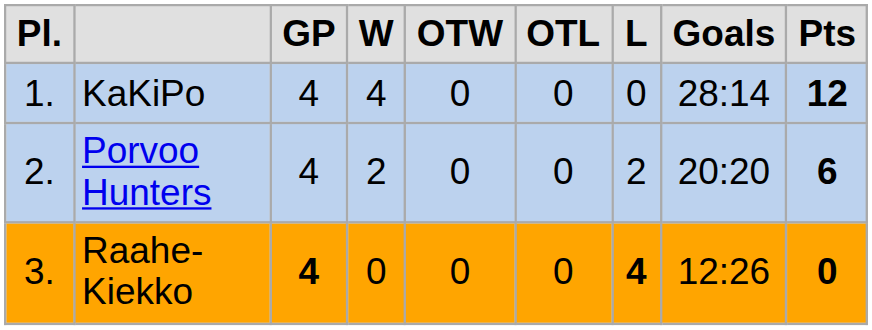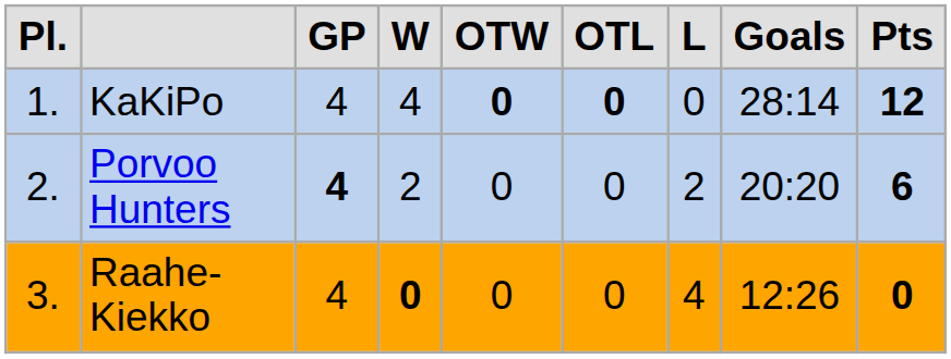 <table class="wikitable" style="width:60%; text-align: center">
 <tr style="font-weight:bold; background-color:#e0e0e0">
 <td width="5%">Pl.</td>
 <td width="20%"></td>
 <td width="5%">GP</td>
 <td width="5%">W</td>
 <td width="5%">OTW</td>
 <td width="5%">OTL</td>
 <td width="5%">L</td>
 <td width="5%">Goals</td>
 <td width="5%">Pts</td>
 </tr>
 <tr style="background-color:#BCD2EE">
 <td>1.</td>
 <td style="text-align: left">KaKiPo</td>
 <td>4</td>
 <td>4</td>
-<td>0</td>
-<td>0</td>
+<td><strong>0</strong></td>
+<td><strong>0</strong></td>
 <td>0</td>
 <td>28:14</td>
 <td><strong>12</strong></td>
 </tr>
 <tr style="background-color:#BCD2EE">
 <td>2.</td>
 <td style="text-align: left"><a href='#'>Porvoo Hunters</a></td>
-<td>4</td>
+<td><strong>4</strong></td>
 <td>2</td>
 <td>0</td>
 <td>0</td>
 <td>2</td>
 <td>20:20</td>
 <td><strong>6</strong></td>
 </tr>
 <tr style="background-color:orange">
 <td>3.</td>
 <td style="text-align: left">Raahe-Kiekko</td>
-<td><strong>4</strong></td>
+<td>4</td>
+<td><strong>0</strong></td>
 <td>0</td>
 <td>0</td>
-<td>0</td>
-<td><strong>4</strong></td>
+<td>4</td>
 <td>12:26</td>
 <td><strong>0</strong></td>
 </tr>
 </table>
